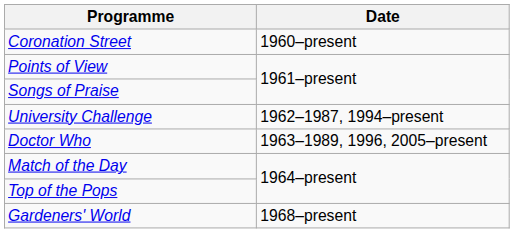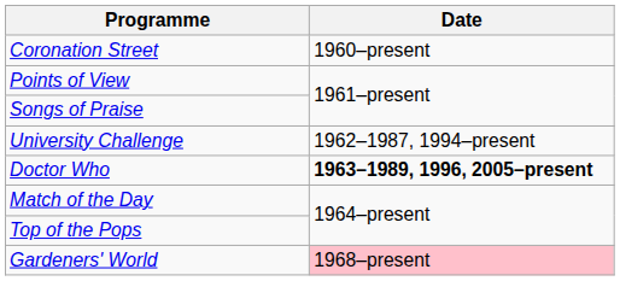 <table class="wikitable">
 <tr>
 <th width=250>Programme</th>
 <th width=250>Date</th>
 </tr>
 <tr>
 <td><em><a href='#'>Coronation Street</a></em></td>
 <td>1960–present</td>
 </tr>
 <tr>
 <td><em><a href='#'>Points of View</a></em></td>
 <td rowspan="2">1961–present</td>
 </tr>
 <tr>
 <td><em><a href='#'>Songs of Praise</a></em></td>
 </tr>
 <tr>
 <td><em><a href='#'>University Challenge</a></em></td>
 <td>1962–1987, 1994–present</td>
 </tr>
 <tr>
 <td><em><a href='#'>Doctor Who</a></em></td>
-<td>1963–1989, 1996, 2005–present</td>
+<td><strong>1963–1989, 1996, 2005–present</strong></td>
 </tr>
 <tr>
 <td><em><a href='#'>Match of the Day</a></em></td>
 <td rowspan="2">1964–present</td>
 </tr>
 <tr>
 <td><em><a href='#'>Top of the Pops</a></em></td>
 </tr>
 <tr>
 <td><em><a href='#'>Gardeners' World</a></em></td>
-<td>1968–present</td>
+<td style="background: pink;">1968–present</td>
 </tr>
 </table>
